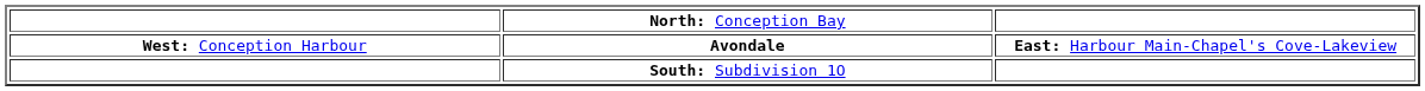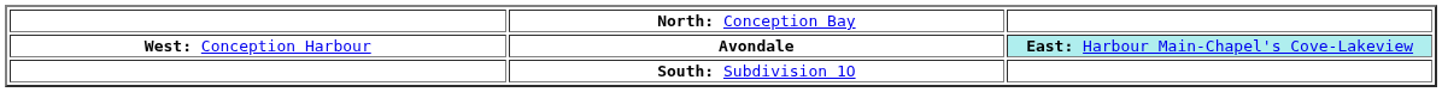 <table width ="75%" border ="2" align="center">
 <tr ---->
 <td width ="35%" align="center"></td>
 <td width ="30%" align="center"><strong>North:</strong> <a href='#'>Conception Bay</a></td>
 <td width ="35%" align="center"></td>
 </tr>
 <tr ---->
 <td width ="10%" align="center"><strong>West:</strong> <a href='#'>Conception Harbour</a> <br></td>
 <td width ="35%" align="center"><strong>Avondale</strong><br></td>
-<td width ="30%" align="center"><strong>East:</strong> <a href='#'>Harbour Main-Chapel's Cove-Lakeview</a></td>
+<td width ="30%" align="center" style="background: paleturquoise;"><strong>East:</strong> <a href='#'>Harbour Main-Chapel's Cove-Lakeview</a></td>
 </tr>
 <tr ---->
 <td width ="35%" align="center"></td>
 <td width ="30%" align="center"><strong>South:</strong> <a href='#'>Subdivision 1O</a></td>
 <td width ="35%" align="center"></td>
 </tr>
 </table>
